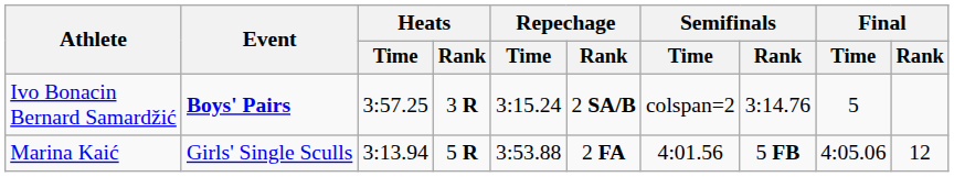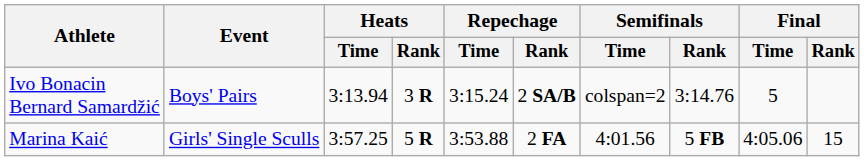 <table class="wikitable" style="font-size:90%">
 <tr>
 <th rowspan="2">Athlete</th>
 <th rowspan="2">Event</th>
 <th colspan="2">Heats</th>
 <th colspan="2">Repechage</th>
 <th colspan="2">Semifinals</th>
 <th colspan="2">Final</th>
 </tr>
 <tr style="font-size:95%">
 <th>Time</th>
 <th>Rank</th>
 <th>Time</th>
 <th>Rank</th>
 <th>Time</th>
 <th>Rank</th>
 <th>Time</th>
 <th>Rank</th>
 </tr>
 <tr align=center>
 <td align=left><a href='#'>Ivo Bonacin</a><br><a href='#'>Bernard Samardžić</a></td>
-<td align=left><strong><a href='#'>Boys' Pairs</a></strong></td>
-<td>3:57.25</td>
+<td align=left><a href='#'>Boys' Pairs</a></td>
+<td>3:13.94</td>
 <td>3 <strong>R</strong></td>
 <td>3:15.24</td>
 <td>2 <strong>SA/B</strong></td>
 <td>colspan=2 </td>
 <td>3:14.76</td>
 <td>5</td>
 </tr>
 <tr align=center>
 <td align=left><a href='#'>Marina Kaić</a></td>
 <td align=left><a href='#'>Girls' Single Sculls</a></td>
-<td>3:13.94</td>
+<td>3:57.25</td>
 <td>5 <strong>R</strong></td>
 <td>3:53.88</td>
 <td>2 <strong>FA</strong></td>
 <td>4:01.56</td>
 <td>5 <strong>FB</strong></td>
 <td>4:05.06</td>
-<td>12</td>
+<td>15</td>
 </tr>
 </table>
